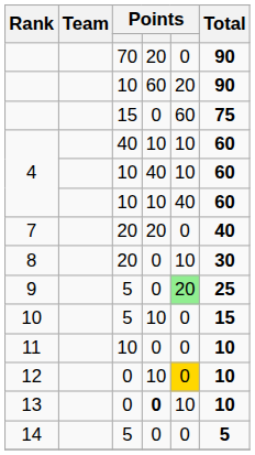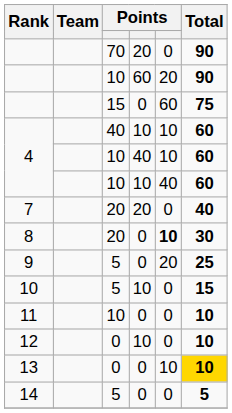 <table class="wikitable" style="text-align:center;">
 <tr>
 <th rowspan="2">Rank</th>
 <th rowspan="2">Team</th>
 <th colspan="3">Points</th>
 <th rowspan="2">Total</th>
 </tr>
 <tr>
 <th></th>
 <th></th>
 <th></th>
 </tr>
 <tr>
 <td></td>
 <td align="left"></td>
 <td>70</td>
 <td>20</td>
 <td>0</td>
 <td><strong>90</strong></td>
 </tr>
 <tr>
 <td></td>
 <td align="left"></td>
 <td>10</td>
 <td>60</td>
 <td>20</td>
 <td><strong>90</strong></td>
 </tr>
 <tr>
 <td></td>
 <td align="left"></td>
 <td>15</td>
 <td>0</td>
 <td>60</td>
 <td><strong>75</strong></td>
 </tr>
 <tr>
 <td rowspan=3>4</td>
 <td align="left"></td>
 <td>40</td>
 <td>10</td>
 <td>10</td>
 <td><strong>60</strong></td>
 </tr>
 <tr>
 <td align="left"></td>
 <td>10</td>
 <td>40</td>
 <td>10</td>
 <td><strong>60</strong></td>
 </tr>
 <tr>
 <td align="left"></td>
 <td>10</td>
 <td>10</td>
 <td>40</td>
 <td><strong>60</strong></td>
 </tr>
 <tr>
 <td>7</td>
 <td align="left"></td>
 <td>20</td>
 <td>20</td>
 <td>0</td>
 <td><strong>40</strong></td>
 </tr>
 <tr>
 <td>8</td>
 <td align="left"></td>
 <td>20</td>
 <td>0</td>
-<td>10</td>
+<td><strong>10</strong></td>
 <td><strong>30</strong></td>
 </tr>
 <tr>
 <td>9</td>
 <td align="left"></td>
 <td>5</td>
 <td>0</td>
-<td style="background: lightgreen;">20</td>
+<td>20</td>
 <td><strong>25</strong></td>
 </tr>
 <tr>
 <td>10</td>
 <td align="left"></td>
 <td>5</td>
 <td>10</td>
 <td>0</td>
 <td><strong>15</strong></td>
 </tr>
 <tr>
 <td>11</td>
 <td align="left"></td>
 <td>10</td>
 <td>0</td>
 <td>0</td>
 <td><strong>10</strong></td>
 </tr>
 <tr>
 <td>12</td>
 <td align="left"></td>
 <td>0</td>
 <td>10</td>
-<td style="background: gold;">0</td>
+<td>0</td>
 <td><strong>10</strong></td>
 </tr>
 <tr>
 <td>13</td>
 <td align="left"></td>
 <td>0</td>
-<td><strong>0</strong></td>
+<td>0</td>
 <td>10</td>
-<td><strong>10</strong></td>
+<td style="background: gold;"><strong>10</strong></td>
 </tr>
 <tr>
 <td>14</td>
 <td align="left"></td>
 <td>5</td>
 <td>0</td>
 <td>0</td>
 <td><strong>5</strong></td>
 </tr>
 <tr>
 </tr>
 </table>
